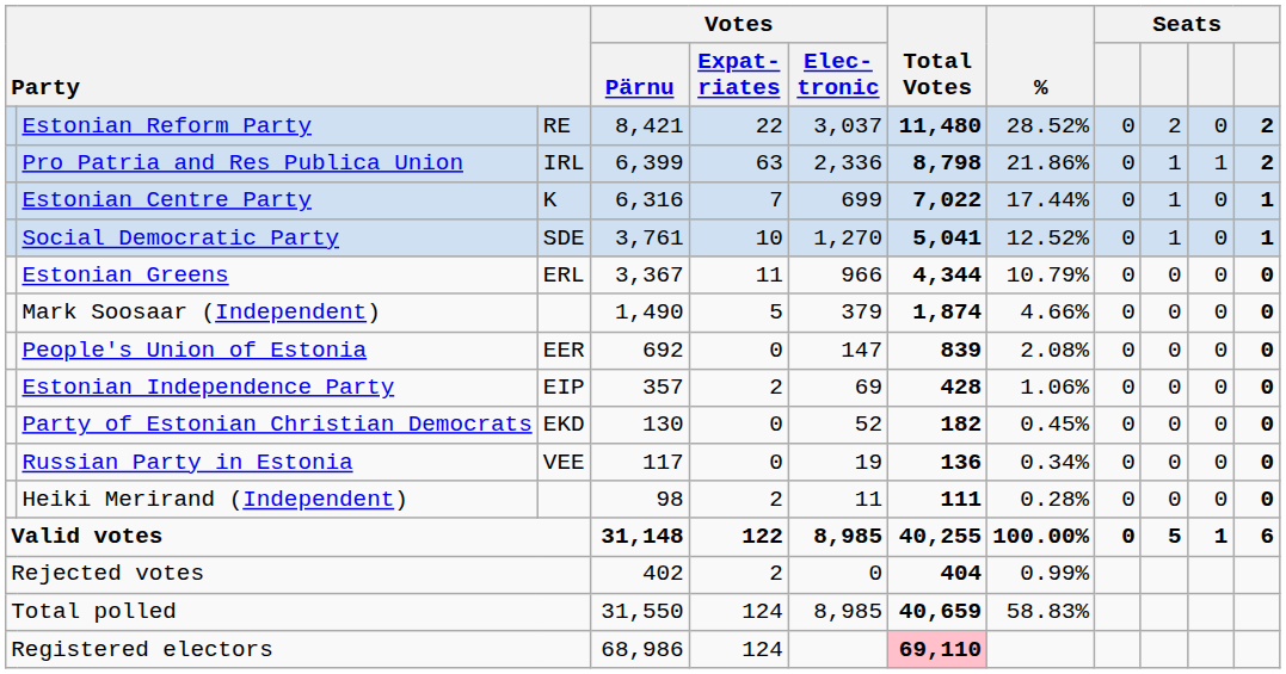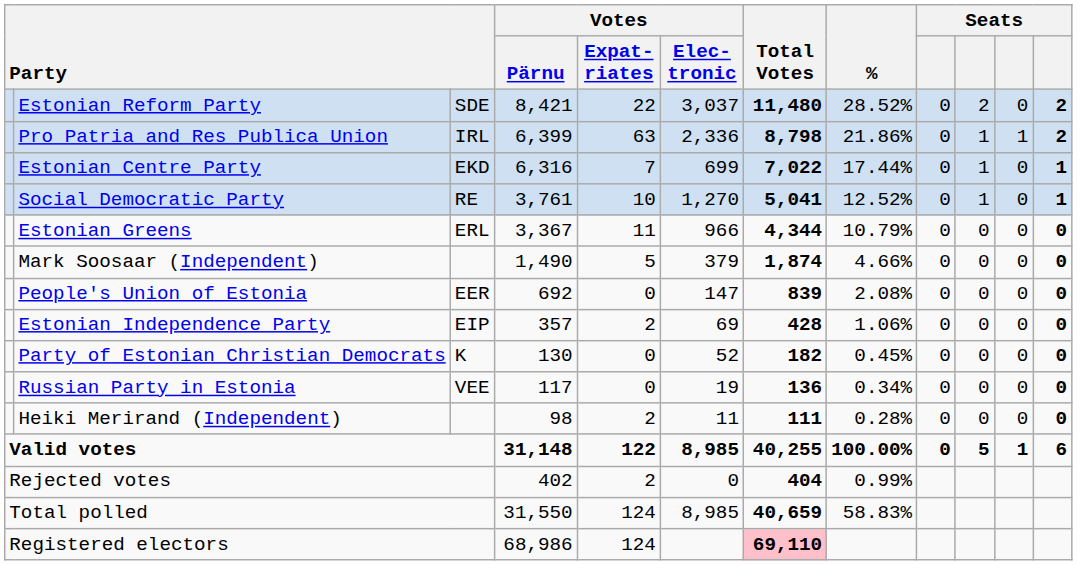 <table class="wikitable" border="1" style="text-align:right;">
 <tr>
 <th style="text-align:left;" valign=bottom rowspan=2 colspan=3>Party</th>
 <th colspan=3>Votes</th>
 <th align=center valign=bottom rowspan=2 width="50">Total Votes</th>
 <th align=center valign=bottom rowspan=2 width="50">%</th>
 <th colspan=4>Seats</th>
 </tr>
 <tr>
 <th align=center valign=bottom width="50"><a href='#'>Pärnu</a></th>
 <th align=center valign=bottom width="50"><a href='#'>Expat- riates</a></th>
 <th align=center valign=bottom width="50"><a href='#'>Elec- tronic</a></th>
 <th align=center valign=bottom width="20"><small></small></th>
 <th align=center valign=bottom width="20"><small></small></th>
 <th align=center valign=bottom width="20"><small></small></th>
 <th align=center valign=bottom width="20"><small></small></th>
 </tr>
 <tr style="background:#CEE0F2;">
 <td style="background:"></td>
 <td align=left><a href='#'>Estonian Reform Party</a></td>
-<td align=left>RE</td>
+<td align=left>SDE</td>
 <td>8,421</td>
 <td>22</td>
 <td>3,037</td>
 <td><strong>11,480</strong></td>
 <td>28.52%</td>
 <td>0</td>
 <td>2</td>
 <td>0</td>
 <td><strong>2</strong></td>
 </tr>
 <tr style="background:#CEE0F2;">
 <td style="background:"></td>
 <td align=left><a href='#'>Pro Patria and Res Publica Union</a></td>
 <td align=left>IRL</td>
 <td>6,399</td>
 <td>63</td>
 <td>2,336</td>
 <td><strong>8,798</strong></td>
 <td>21.86%</td>
 <td>0</td>
 <td>1</td>
 <td>1</td>
 <td><strong>2</strong></td>
 </tr>
 <tr style="background:#CEE0F2;">
 <td style="background:"></td>
 <td align=left><a href='#'>Estonian Centre Party</a></td>
-<td align=left>K</td>
+<td align=left>EKD</td>
 <td>6,316</td>
 <td>7</td>
 <td>699</td>
 <td><strong>7,022</strong></td>
 <td>17.44%</td>
 <td>0</td>
 <td>1</td>
 <td>0</td>
 <td><strong>1</strong></td>
 </tr>
 <tr style="background:#CEE0F2;">
 <td style="background:"></td>
 <td align=left><a href='#'>Social Democratic Party</a></td>
-<td align=left>SDE</td>
+<td align=left>RE</td>
 <td>3,761</td>
 <td>10</td>
 <td>1,270</td>
 <td><strong>5,041</strong></td>
 <td>12.52%</td>
 <td>0</td>
 <td>1</td>
 <td>0</td>
 <td><strong>1</strong></td>
 </tr>
 <tr>
 <td style="background:"></td>
 <td align=left><a href='#'>Estonian Greens</a></td>
 <td align=left>ERL</td>
 <td>3,367</td>
 <td>11</td>
 <td>966</td>
 <td><strong>4,344</strong></td>
 <td>10.79%</td>
 <td>0</td>
 <td>0</td>
 <td>0</td>
 <td><strong>0</strong></td>
 </tr>
 <tr>
 <td style="background:"></td>
 <td align=left>Mark Soosaar (<a href='#'>Independent</a>)</td>
 <td></td>
 <td>1,490</td>
 <td>5</td>
 <td>379</td>
 <td><strong>1,874</strong></td>
 <td>4.66%</td>
 <td>0</td>
 <td>0</td>
 <td>0</td>
 <td><strong>0</strong></td>
 </tr>
 <tr>
 <td style="background:"></td>
 <td align=left><a href='#'>People's Union of Estonia</a></td>
 <td align=left>EER</td>
 <td>692</td>
 <td>0</td>
 <td>147</td>
 <td><strong>839</strong></td>
 <td>2.08%</td>
 <td>0</td>
 <td>0</td>
 <td>0</td>
 <td><strong>0</strong></td>
 </tr>
 <tr>
 <td style="background:"></td>
 <td align=left><a href='#'>Estonian Independence Party</a></td>
 <td align=left>EIP</td>
 <td>357</td>
 <td>2</td>
 <td>69</td>
 <td><strong>428</strong></td>
 <td>1.06%</td>
 <td>0</td>
 <td>0</td>
 <td>0</td>
 <td><strong>0</strong></td>
 </tr>
 <tr>
 <td style="background:"></td>
 <td align=left><a href='#'>Party of Estonian Christian Democrats</a></td>
-<td align=left>EKD</td>
+<td align=left>K</td>
 <td>130</td>
 <td>0</td>
 <td>52</td>
 <td><strong>182</strong></td>
 <td>0.45%</td>
 <td>0</td>
 <td>0</td>
 <td>0</td>
 <td><strong>0</strong></td>
 </tr>
 <tr>
 <td></td>
 <td align=left><a href='#'>Russian Party in Estonia</a></td>
 <td align=left>VEE</td>
 <td>117</td>
 <td>0</td>
 <td>19</td>
 <td><strong>136</strong></td>
 <td>0.34%</td>
 <td>0</td>
 <td>0</td>
 <td>0</td>
 <td><strong>0</strong></td>
 </tr>
 <tr>
 <td style="background:"></td>
 <td align=left>Heiki Merirand (<a href='#'>Independent</a>)</td>
 <td></td>
 <td>98</td>
 <td>2</td>
 <td>11</td>
 <td><strong>111</strong></td>
 <td>0.28%</td>
 <td>0</td>
 <td>0</td>
 <td>0</td>
 <td><strong>0</strong></td>
 </tr>
 <tr style="font-weight:bold">
 <td align=left colspan=3>Valid votes</td>
 <td>31,148</td>
 <td>122</td>
 <td>8,985</td>
 <td>40,255</td>
 <td>100.00%</td>
 <td>0</td>
 <td>5</td>
 <td>1</td>
 <td>6</td>
 </tr>
 <tr>
 <td align=left colspan=3>Rejected votes</td>
 <td>402</td>
 <td>2</td>
 <td>0</td>
 <td><strong>404</strong></td>
 <td>0.99%</td>
 <td></td>
 <td></td>
 <td></td>
 <td></td>
 </tr>
 <tr>
 <td align=left colspan=3>Total polled</td>
 <td>31,550</td>
 <td>124</td>
 <td>8,985</td>
 <td><strong>40,659</strong></td>
 <td>58.83%</td>
 <td></td>
 <td></td>
 <td></td>
 <td></td>
 </tr>
 <tr>
 <td align=left colspan=3>Registered electors</td>
 <td>68,986</td>
 <td>124</td>
 <td></td>
 <td style="background: pink;"><strong>69,110</strong></td>
 <td></td>
 <td></td>
 <td></td>
 <td></td>
 <td></td>
 </tr>
 </table>
